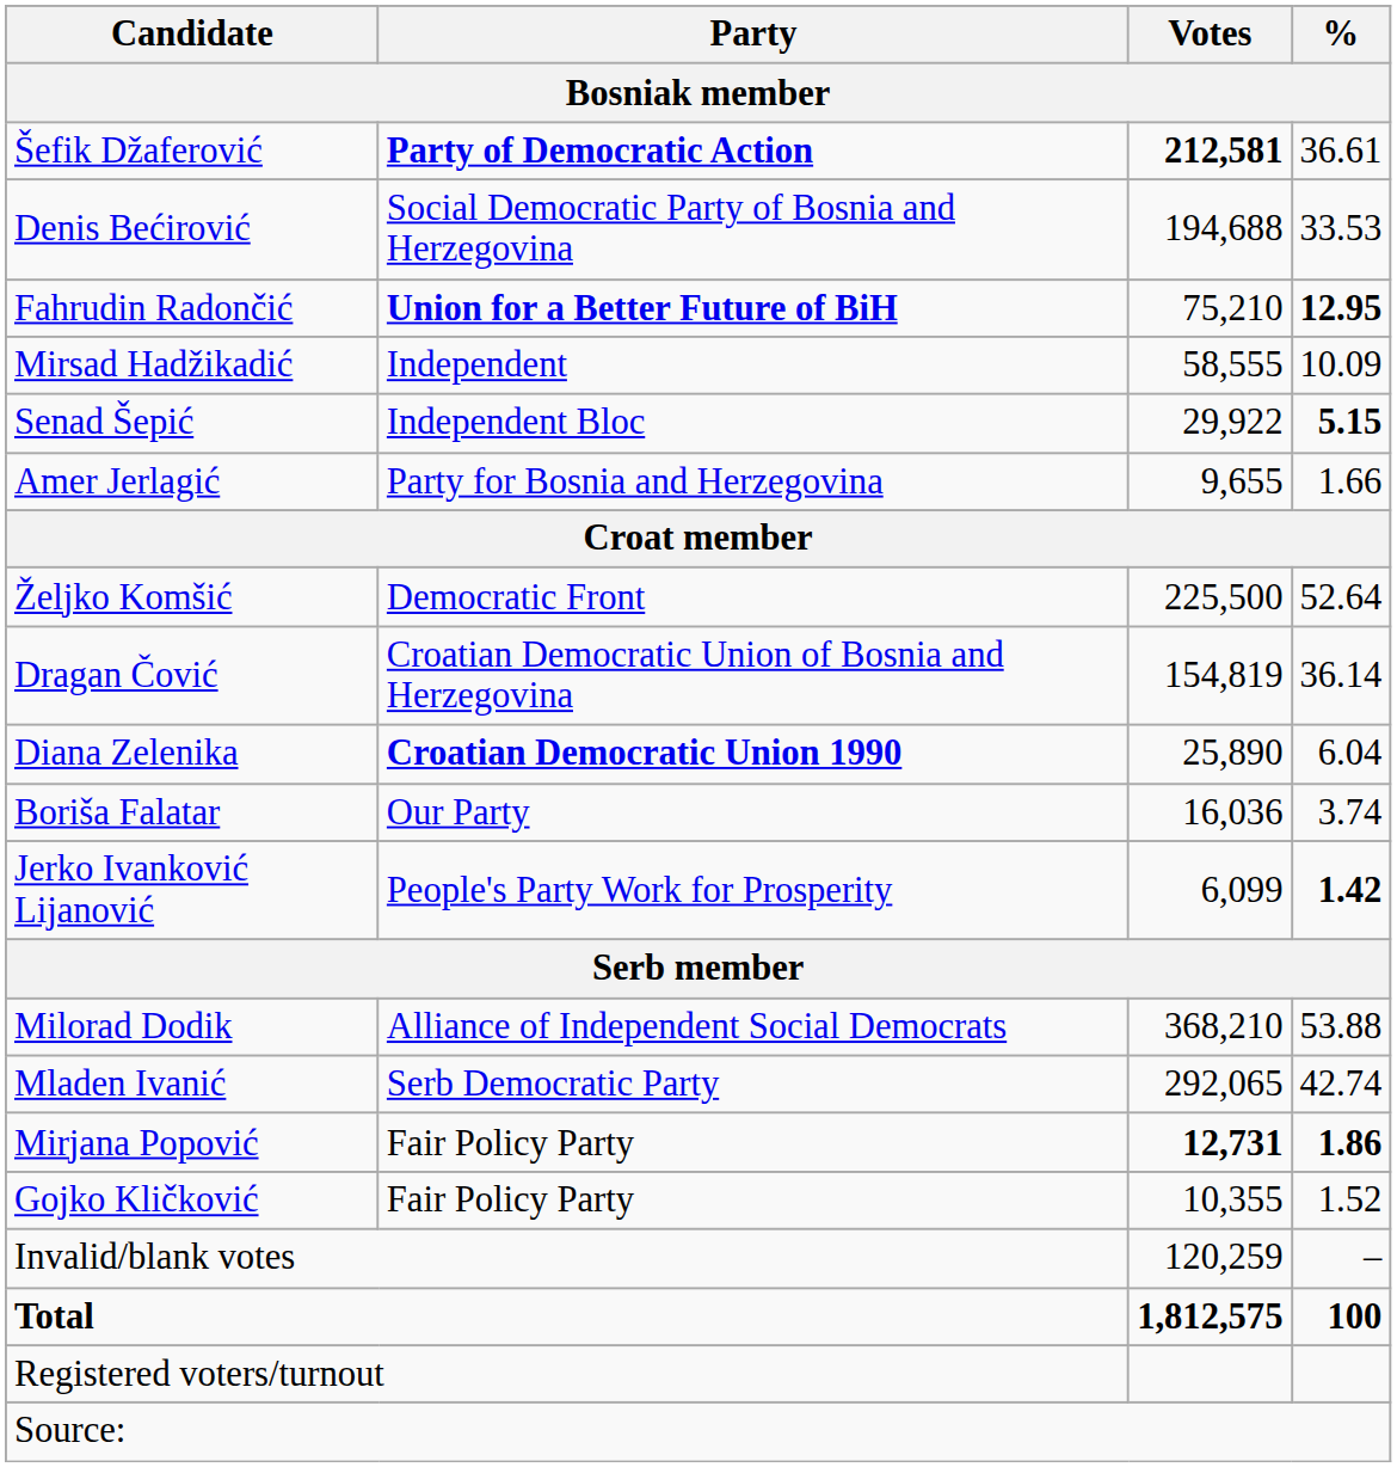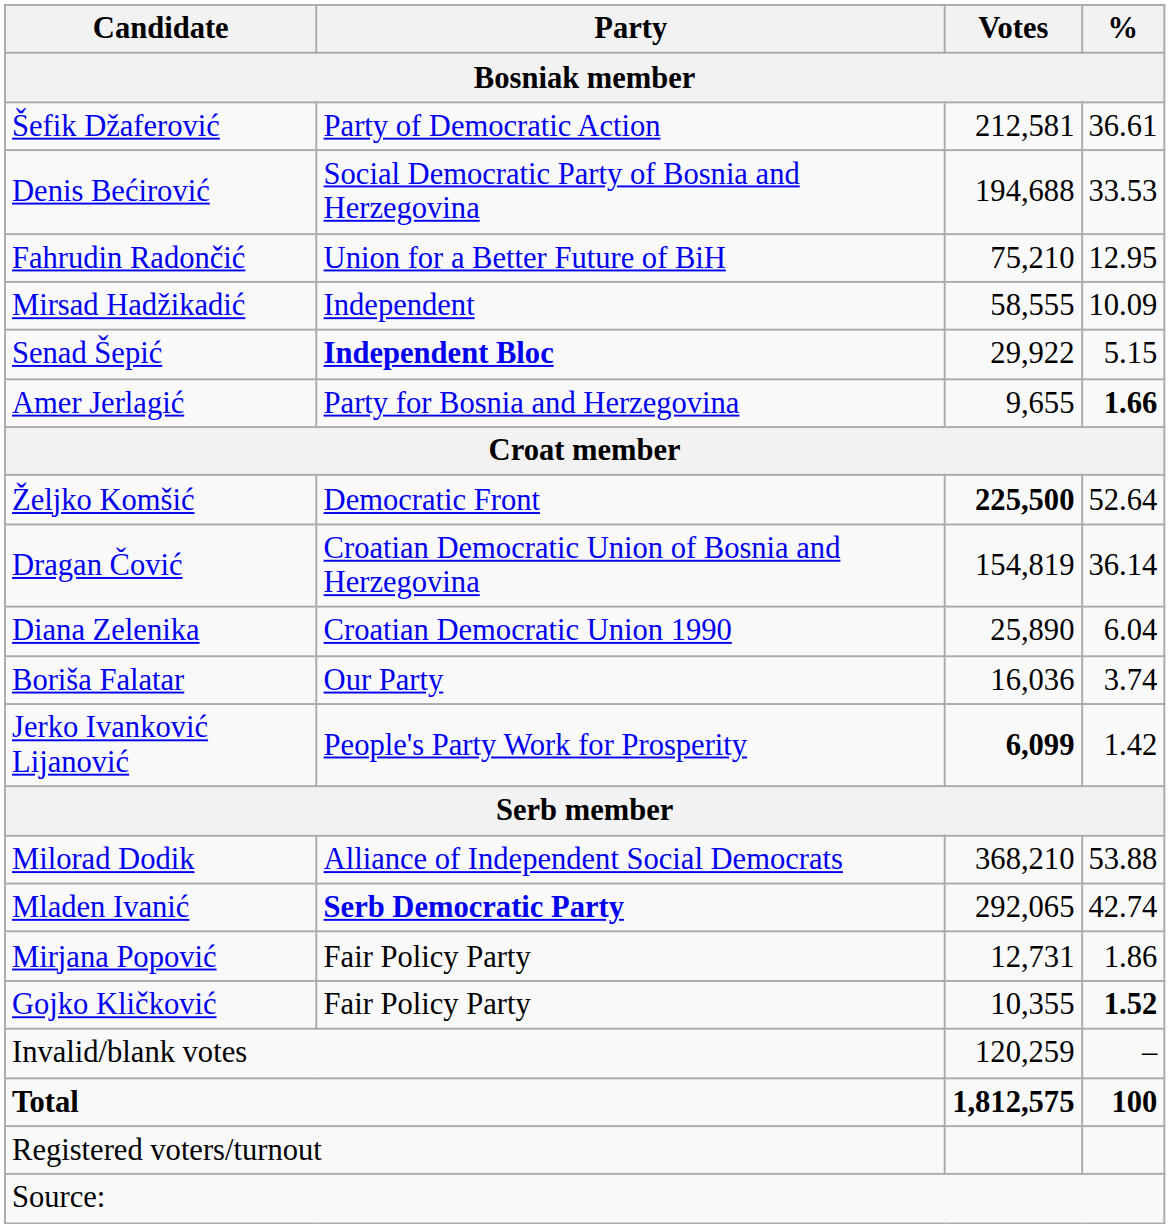 <table class=wikitable style=text-align:right>
 <tr>
 <th>Candidate</th>
 <th>Party</th>
 <th>Votes</th>
 <th>%</th>
 </tr>
 <tr>
 <th colspan=4>Bosniak member</th>
 </tr>
 <tr>
 <td align=left><a href='#'>Šefik Džaferović</a></td>
-<td align=left><strong><a href='#'>Party of Democratic Action</a></strong></td>
-<td><strong>212,581</strong></td>
+<td align=left><a href='#'>Party of Democratic Action</a></td>
+<td>212,581</td>
 <td>36.61</td>
 </tr>
 <tr>
 <td align=left><a href='#'>Denis Bećirović</a></td>
 <td align=left><a href='#'>Social Democratic Party of Bosnia and Herzegovina</a></td>
 <td>194,688</td>
 <td>33.53</td>
 </tr>
 <tr>
 <td align=left><a href='#'>Fahrudin Radončić</a></td>
-<td align=left><strong><a href='#'>Union for a Better Future of BiH</a></strong></td>
+<td align=left><a href='#'>Union for a Better Future of BiH</a></td>
 <td>75,210</td>
-<td><strong>12.95</strong></td>
+<td>12.95</td>
 </tr>
 <tr>
 <td align=left><a href='#'>Mirsad Hadžikadić</a></td>
 <td align=left><a href='#'>Independent</a></td>
 <td>58,555</td>
 <td>10.09</td>
 </tr>
 <tr>
 <td align=left><a href='#'>Senad Šepić</a></td>
-<td align=left><a href='#'>Independent Bloc</a></td>
+<td align=left><strong><a href='#'>Independent Bloc</a></strong></td>
 <td>29,922</td>
-<td><strong>5.15</strong></td>
+<td>5.15</td>
 </tr>
 <tr>
 <td align=left><a href='#'>Amer Jerlagić</a></td>
 <td align=left><a href='#'>Party for Bosnia and Herzegovina</a></td>
 <td>9,655</td>
-<td>1.66</td>
+<td><strong>1.66</strong></td>
 </tr>
 <tr>
 <th colspan=4>Croat member</th>
 </tr>
 <tr>
 <td align=left><a href='#'>Željko Komšić</a></td>
 <td align=left><a href='#'>Democratic Front</a></td>
-<td>225,500</td>
+<td><strong>225,500</strong></td>
 <td>52.64</td>
 </tr>
 <tr>
 <td align=left><a href='#'>Dragan Čović</a></td>
 <td align=left><a href='#'>Croatian Democratic Union of Bosnia and Herzegovina</a></td>
 <td>154,819</td>
 <td>36.14</td>
 </tr>
 <tr>
 <td align=left><a href='#'>Diana Zelenika</a></td>
-<td align=left><strong><a href='#'>Croatian Democratic Union 1990</a></strong></td>
+<td align=left><a href='#'>Croatian Democratic Union 1990</a></td>
 <td>25,890</td>
 <td>6.04</td>
 </tr>
 <tr>
 <td align=left><a href='#'>Boriša Falatar</a></td>
 <td align=left><a href='#'>Our Party</a></td>
 <td>16,036</td>
 <td>3.74</td>
 </tr>
 <tr>
 <td align=left><a href='#'>Jerko Ivanković Lijanović</a></td>
 <td align=left><a href='#'>People's Party Work for Prosperity</a></td>
-<td>6,099</td>
-<td><strong>1.42</strong></td>
+<td><strong>6,099</strong></td>
+<td>1.42</td>
 </tr>
 <tr>
 <th colspan=4>Serb member</th>
 </tr>
 <tr>
 <td align=left><a href='#'>Milorad Dodik</a></td>
 <td align=left><a href='#'>Alliance of Independent Social Democrats</a></td>
 <td>368,210</td>
 <td>53.88</td>
 </tr>
 <tr>
 <td align=left><a href='#'>Mladen Ivanić</a></td>
-<td align=left><a href='#'>Serb Democratic Party</a></td>
+<td align=left><strong><a href='#'>Serb Democratic Party</a></strong></td>
 <td>292,065</td>
 <td>42.74</td>
 </tr>
 <tr>
 <td align=left><a href='#'>Mirjana Popović</a></td>
 <td align=left>Fair Policy Party</td>
-<td><strong>12,731</strong></td>
-<td><strong>1.86</strong></td>
+<td>12,731</td>
+<td>1.86</td>
 </tr>
 <tr>
 <td align=left><a href='#'>Gojko Kličković</a></td>
 <td align=left>Fair Policy Party</td>
 <td>10,355</td>
-<td>1.52</td>
+<td><strong>1.52</strong></td>
 </tr>
 <tr>
 <td align=left colspan=2>Invalid/blank votes</td>
 <td>120,259</td>
 <td>–</td>
 </tr>
 <tr>
 <td align=left colspan=2><strong>Total</strong></td>
 <td><strong>1,812,575</strong></td>
 <td><strong>100</strong></td>
 </tr>
 <tr>
 <td align=left colspan=2>Registered voters/turnout</td>
 <td></td>
 <td></td>
 </tr>
 <tr>
 <td align=left colspan=4>Source: </td>
 </tr>
 </table>
